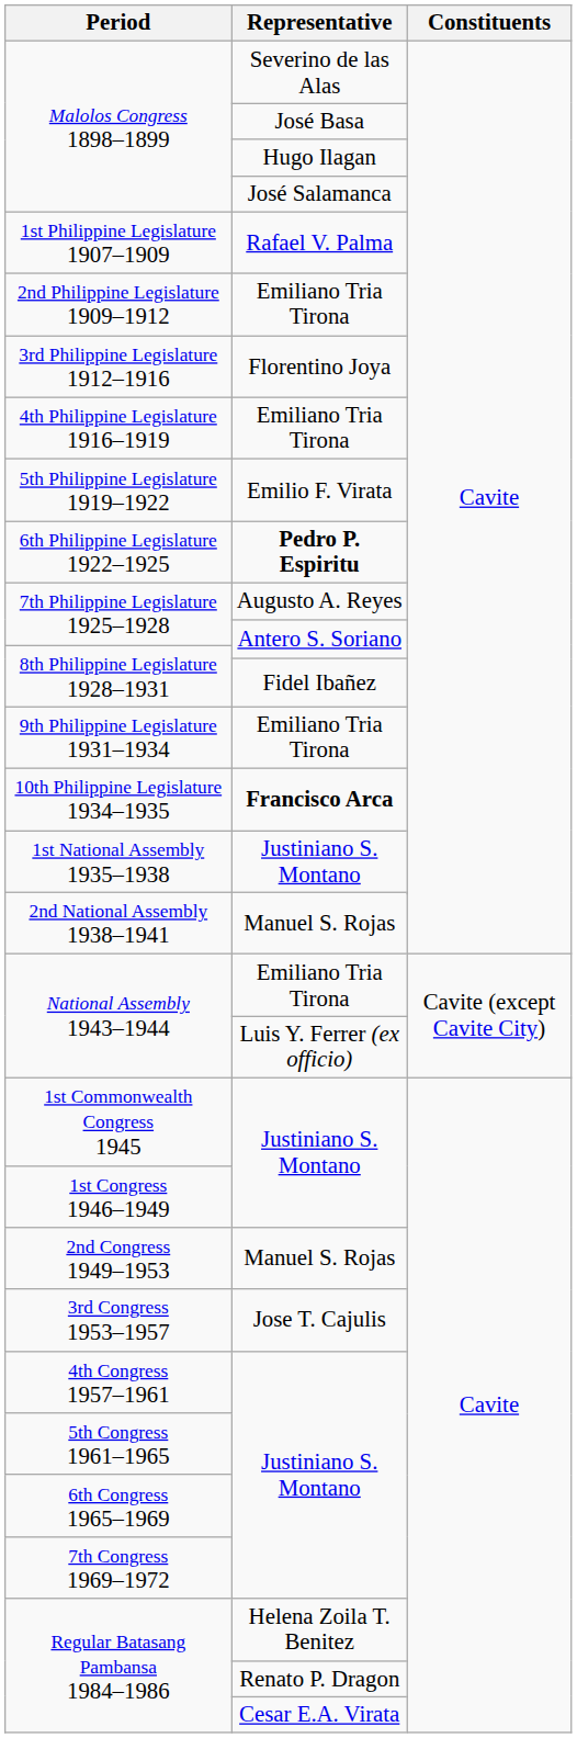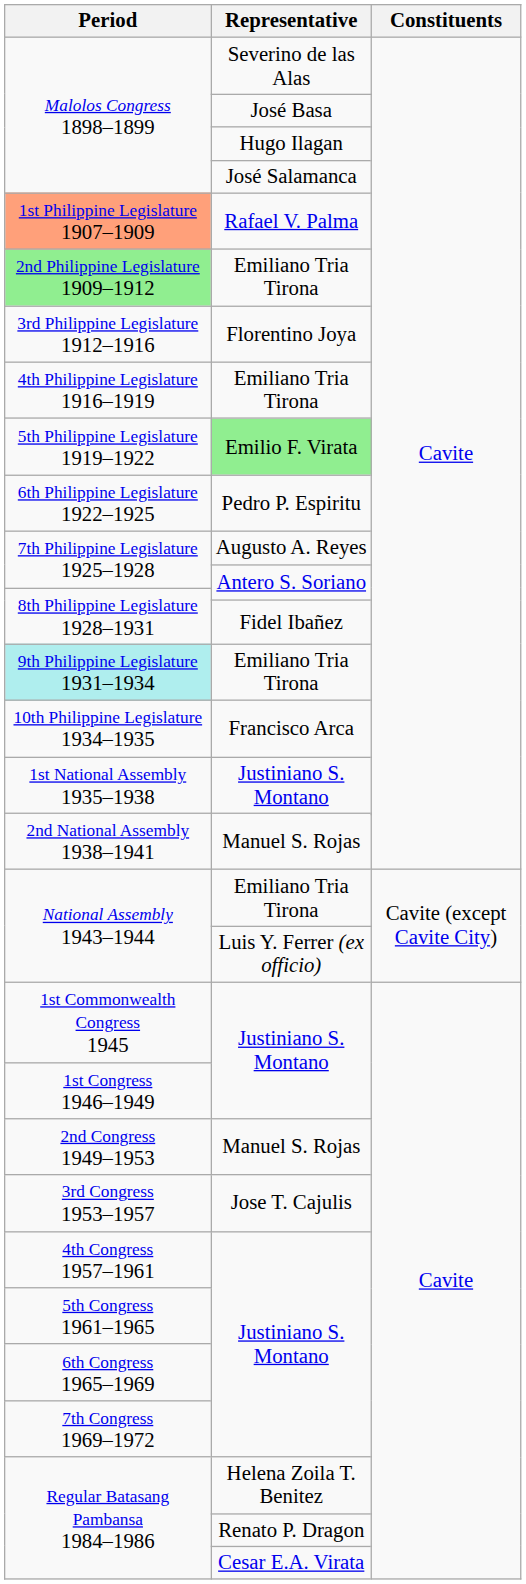 <table class="wikitable" style="text-align:center; width:45%;">
 <tr>
 <th width="40%">Period</th>
 <th>Representative</th>
 <th>Constituents</th>
 </tr>
 <tr>
 <td rowspan="4"><small><em><a href='#'>Malolos Congress</a></em></small><br>1898–1899</td>
 <td>Severino de las Alas</td>
 <td rowspan="19"><a href='#'>Cavite</a></td>
 </tr>
 <tr>
 <td>José Basa</td>
 </tr>
 <tr>
 <td>Hugo Ilagan</td>
 </tr>
 <tr>
 <td>José Salamanca</td>
 </tr>
 <tr>
-<td><small><a href='#'>1st Philippine Legislature</a></small><br>1907–1909</td>
+<td style="background: lightsalmon;"><small><a href='#'>1st Philippine Legislature</a></small><br>1907–1909</td>
 <td><a href='#'>Rafael V. Palma</a></td>
 </tr>
 <tr>
-<td><small><a href='#'>2nd Philippine Legislature</a></small><br>1909–1912</td>
+<td style="background: lightgreen;"><small><a href='#'>2nd Philippine Legislature</a></small><br>1909–1912</td>
 <td>Emiliano Tria Tirona</td>
 </tr>
 <tr>
 <td><small><a href='#'>3rd Philippine Legislature</a></small><br>1912–1916</td>
 <td>Florentino Joya</td>
 </tr>
 <tr>
 <td><small><a href='#'>4th Philippine Legislature</a></small><br>1916–1919</td>
 <td>Emiliano Tria Tirona</td>
 </tr>
 <tr>
 <td><small><a href='#'>5th Philippine Legislature</a></small><br>1919–1922</td>
-<td>Emilio F. Virata</td>
+<td style="background: lightgreen;">Emilio F. Virata</td>
 </tr>
 <tr>
 <td><small><a href='#'>6th Philippine Legislature</a></small><br>1922–1925</td>
-<td><strong>Pedro P. Espiritu</strong></td>
+<td>Pedro P. Espiritu</td>
 </tr>
 <tr>
 <td rowspan="2"><small><a href='#'>7th Philippine Legislature</a></small><br>1925–1928</td>
 <td>Augusto A. Reyes</td>
 </tr>
 <tr>
 <td rowspan="2"><a href='#'>Antero S. Soriano</a></td>
 </tr>
 <tr>
 <td rowspan="2"><small><a href='#'>8th Philippine Legislature</a></small><br>1928–1931</td>
 </tr>
 <tr>
 <td>Fidel Ibañez</td>
 </tr>
 <tr>
-<td><small><a href='#'>9th Philippine Legislature</a></small><br>1931–1934</td>
+<td style="background: paleturquoise;"><small><a href='#'>9th Philippine Legislature</a></small><br>1931–1934</td>
 <td>Emiliano Tria Tirona</td>
 </tr>
 <tr>
 <td><small><a href='#'>10th Philippine Legislature</a></small><br>1934–1935</td>
-<td><strong>Francisco Arca</strong></td>
+<td>Francisco Arca</td>
 </tr>
 <tr>
 <td><small><a href='#'>1st National Assembly</a></small><br>1935–1938</td>
 <td rowspan="2"><a href='#'>Justiniano S. Montano</a></td>
 </tr>
 <tr>
 <td rowspan="2"><small><a href='#'>2nd National Assembly</a></small><br>1938–1941</td>
 </tr>
 <tr>
 <td>Manuel S. Rojas</td>
 </tr>
 <tr>
 <td rowspan="2"><small><a href='#'><em>National Assembly</em></a></small><br>1943–1944</td>
 <td>Emiliano Tria Tirona</td>
 <td rowspan="2">Cavite (except <a href='#'>Cavite City</a>)</td>
 </tr>
 <tr>
 <td>Luis Y. Ferrer <em>(ex officio)</em></td>
 </tr>
 <tr>
 <td><small><a href='#'>1st Commonwealth Congress</a></small><br>1945</td>
 <td rowspan="2"><a href='#'>Justiniano S. Montano</a></td>
 <td rowspan="11"><a href='#'>Cavite</a></td>
 </tr>
 <tr>
 <td><small><a href='#'>1st Congress</a></small><br>1946–1949</td>
 </tr>
 <tr>
 <td><small><a href='#'>2nd Congress</a></small><br>1949–1953</td>
 <td>Manuel S. Rojas</td>
 </tr>
 <tr>
 <td><small><a href='#'>3rd Congress</a></small><br>1953–1957</td>
 <td>Jose T. Cajulis</td>
 </tr>
 <tr>
 <td><small><a href='#'>4th Congress</a></small><br>1957–1961</td>
 <td rowspan="4"><a href='#'>Justiniano S. Montano</a></td>
 </tr>
 <tr>
 <td><small><a href='#'>5th Congress</a></small><br>1961–1965</td>
 </tr>
 <tr>
 <td><small><a href='#'>6th Congress</a></small><br>1965–1969</td>
 </tr>
 <tr>
 <td><small><a href='#'>7th Congress</a></small><br>1969–1972</td>
 </tr>
 <tr>
 <td rowspan="3"><small><a href='#'>Regular Batasang Pambansa</a></small><br>1984–1986</td>
 <td>Helena Zoila T. Benitez</td>
 </tr>
 <tr>
 <td>Renato P. Dragon</td>
 </tr>
 <tr>
 <td><a href='#'>Cesar E.A. Virata</a></td>
 </tr>
 </table>
